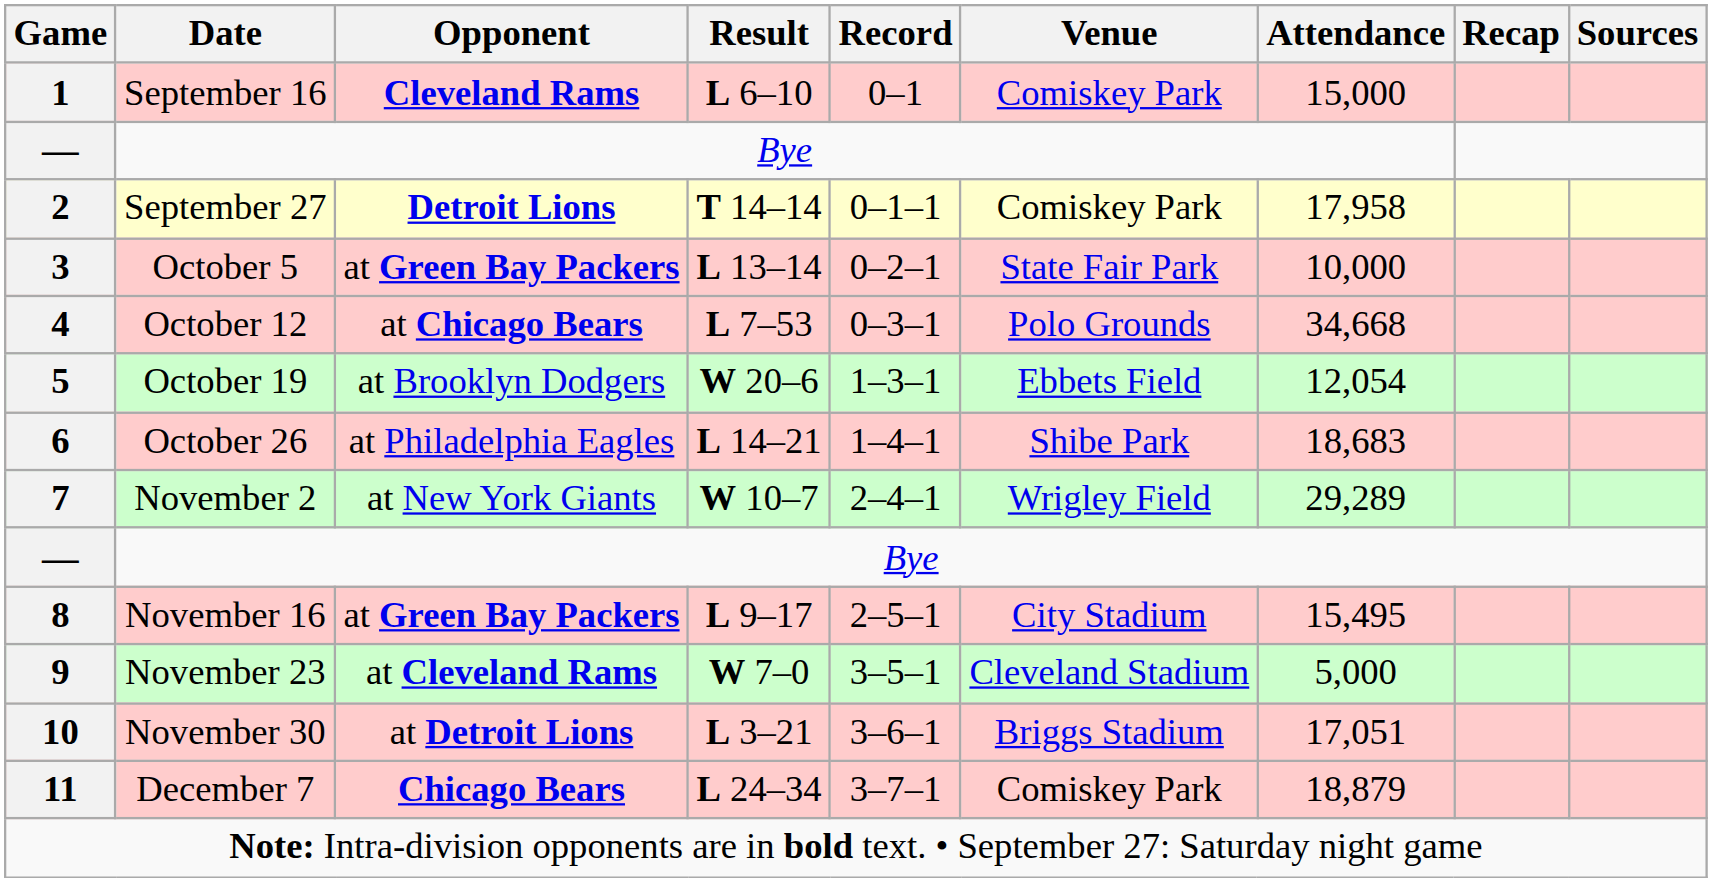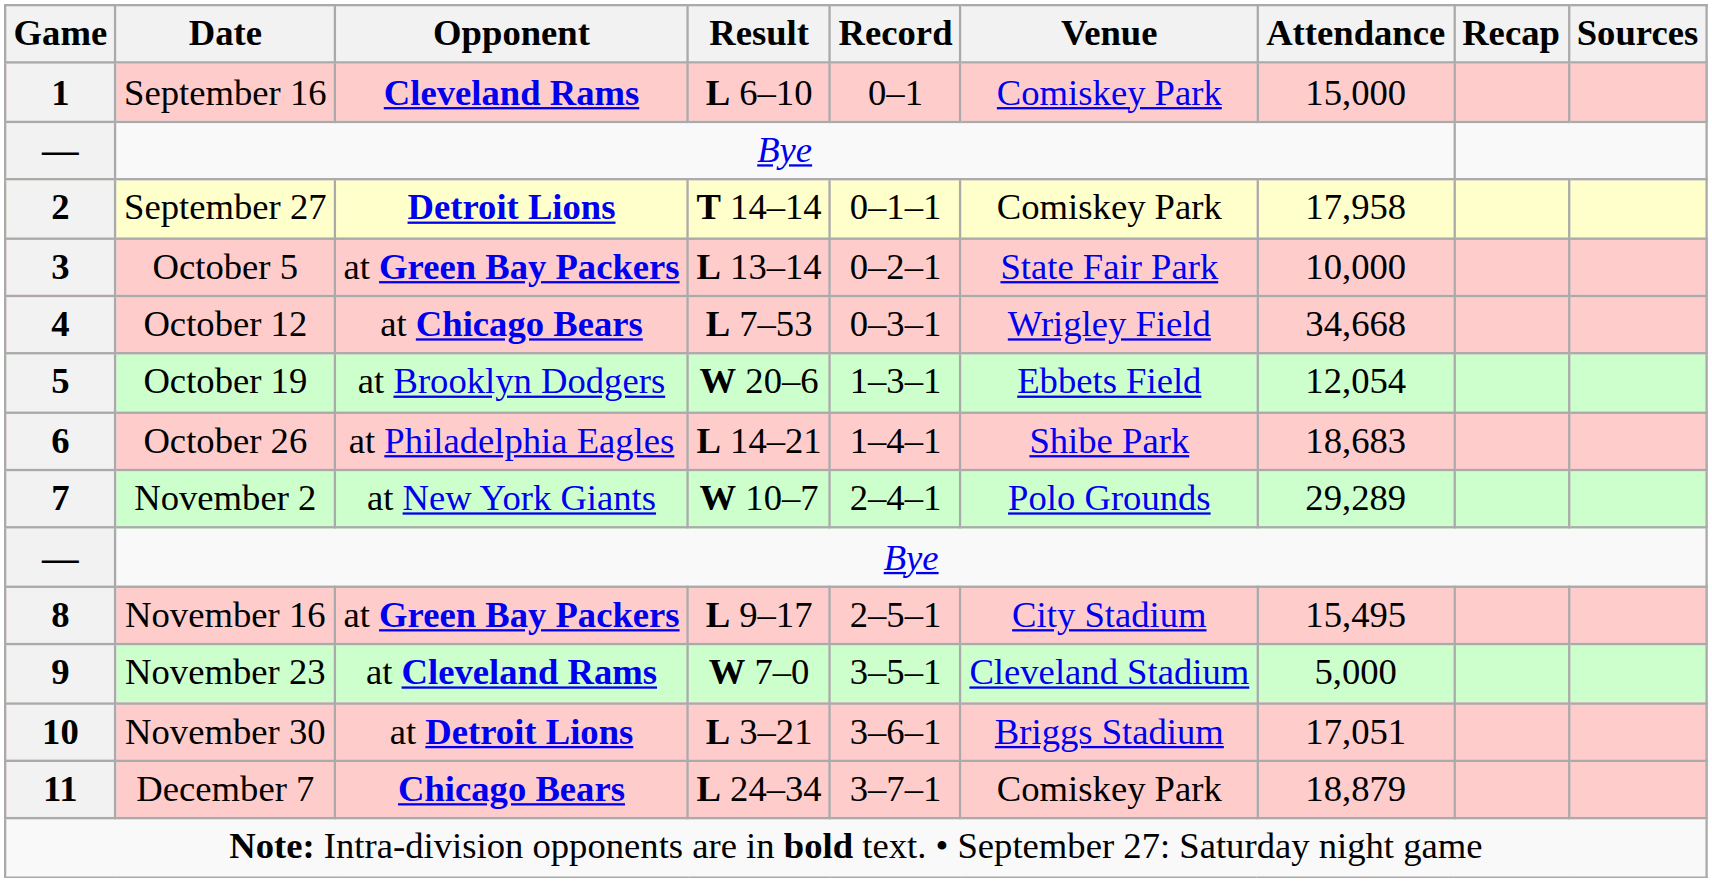 <table class="wikitable" style="text-align:center">
 <tr>
 <th>Game</th>
 <th>Date</th>
 <th>Opponent</th>
 <th>Result</th>
 <th>Record</th>
 <th>Venue</th>
 <th>Attendance</th>
 <th>Recap</th>
 <th>Sources</th>
 </tr>
 <tr style="background:#fcc">
 <th>1</th>
 <td>September 16</td>
 <td><strong><a href='#'>Cleveland Rams</a></strong></td>
 <td><strong>L</strong> 6–10</td>
 <td>0–1</td>
 <td><a href='#'>Comiskey Park</a></td>
 <td>15,000</td>
 <td></td>
 <td></td>
 </tr>
 <tr>
 <th>—</th>
 <td colspan="6"><em><a href='#'>Bye</a></em></td>
 </tr>
 <tr style="background:#ffc">
 <th>2</th>
 <td>September 27</td>
 <td><strong><a href='#'>Detroit Lions</a></strong></td>
 <td><strong>T</strong> 14–14</td>
 <td>0–1–1</td>
 <td>Comiskey Park</td>
 <td>17,958</td>
 <td></td>
 <td></td>
 </tr>
 <tr style="background:#fcc">
 <th>3</th>
 <td>October 5</td>
 <td>at <strong><a href='#'>Green Bay Packers</a></strong></td>
 <td><strong>L</strong> 13–14</td>
 <td>0–2–1</td>
 <td><a href='#'>State Fair Park</a></td>
 <td>10,000</td>
 <td></td>
 <td></td>
 </tr>
 <tr style="background:#fcc">
 <th>4</th>
 <td>October 12</td>
 <td>at <strong><a href='#'>Chicago Bears</a></strong></td>
 <td><strong>L</strong> 7–53</td>
 <td>0–3–1</td>
-<td><a href='#'>Polo Grounds</a></td>
+<td><a href='#'>Wrigley Field</a></td>
 <td>34,668</td>
 <td></td>
 <td></td>
 </tr>
 <tr style="background:#cfc">
 <th>5</th>
 <td>October 19</td>
 <td>at <a href='#'>Brooklyn Dodgers</a></td>
 <td><strong>W</strong> 20–6</td>
 <td>1–3–1</td>
 <td><a href='#'>Ebbets Field</a></td>
 <td>12,054</td>
 <td></td>
 <td></td>
 </tr>
 <tr style="background:#fcc">
 <th>6</th>
 <td>October 26</td>
 <td>at <a href='#'>Philadelphia Eagles</a></td>
 <td><strong>L</strong> 14–21</td>
 <td>1–4–1</td>
 <td><a href='#'>Shibe Park</a></td>
 <td>18,683</td>
 <td></td>
 <td></td>
 </tr>
 <tr style="background:#cfc">
 <th>7</th>
 <td>November 2</td>
 <td>at <a href='#'>New York Giants</a></td>
 <td><strong>W</strong> 10–7</td>
 <td>2–4–1</td>
-<td><a href='#'>Wrigley Field</a></td>
+<td><a href='#'>Polo Grounds</a></td>
 <td>29,289</td>
 <td></td>
 <td></td>
 </tr>
 <tr>
 <th>—</th>
 <td colspan="8"><em><a href='#'>Bye</a></em></td>
 </tr>
 <tr style="background:#fcc">
 <th>8</th>
 <td>November 16</td>
 <td>at <strong><a href='#'>Green Bay Packers</a></strong></td>
 <td><strong>L</strong> 9–17</td>
 <td>2–5–1</td>
 <td><a href='#'>City Stadium</a></td>
 <td>15,495</td>
 <td></td>
 <td></td>
 </tr>
 <tr style="background:#cfc">
 <th>9</th>
 <td>November 23</td>
 <td>at <strong><a href='#'>Cleveland Rams</a></strong></td>
 <td><strong>W</strong> 7–0</td>
 <td>3–5–1</td>
 <td><a href='#'>Cleveland Stadium</a></td>
 <td>5,000</td>
 <td></td>
 <td></td>
 </tr>
 <tr style="background:#fcc">
 <th>10</th>
 <td>November 30</td>
 <td>at <strong><a href='#'>Detroit Lions</a></strong></td>
 <td><strong>L</strong> 3–21</td>
 <td>3–6–1</td>
 <td><a href='#'>Briggs Stadium</a></td>
 <td>17,051</td>
 <td></td>
 <td></td>
 </tr>
 <tr style="background:#fcc">
 <th>11</th>
 <td>December 7</td>
 <td><strong><a href='#'>Chicago Bears</a></strong></td>
 <td><strong>L</strong> 24–34</td>
 <td>3–7–1</td>
 <td>Comiskey Park</td>
 <td>18,879</td>
 <td></td>
 <td></td>
 </tr>
 <tr>
 <td colspan="10"><strong>Note:</strong> Intra-division opponents are in <strong>bold</strong> text. •  September 27: Saturday night game</td>
 </tr>
 </table>
